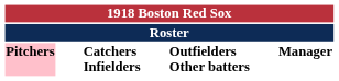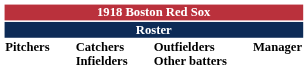 <table class="toccolours" style="text-align: left;">
 <tr>
 <th colspan="10" style="background-color: #ba313c; color: white; text-align: center;">1918 Boston Red Sox</th>
 </tr>
 <tr>
 <td colspan="10" style="background-color: #0d2b56; color: white; text-align: center;"><strong>Roster</strong></td>
 </tr>
 <tr>
-<td valign="top" style="background: pink;"><strong>Pitchers</strong><br>          </td>
+<td valign="top"><strong>Pitchers</strong><br>          </td>
 <td width="25px"></td>
 <td valign="top"><strong>Catchers</strong><br>   <strong>Infielders</strong>            </td>
 <td width="25px"></td>
 <td valign="top"><strong>Outfielders</strong><br>     <strong>Other batters</strong> </td>
 <td width="25px"></td>
 <td valign="top"><strong>Manager</strong><br></td>
 </tr>
 <tr>
 </tr>
 </table>
